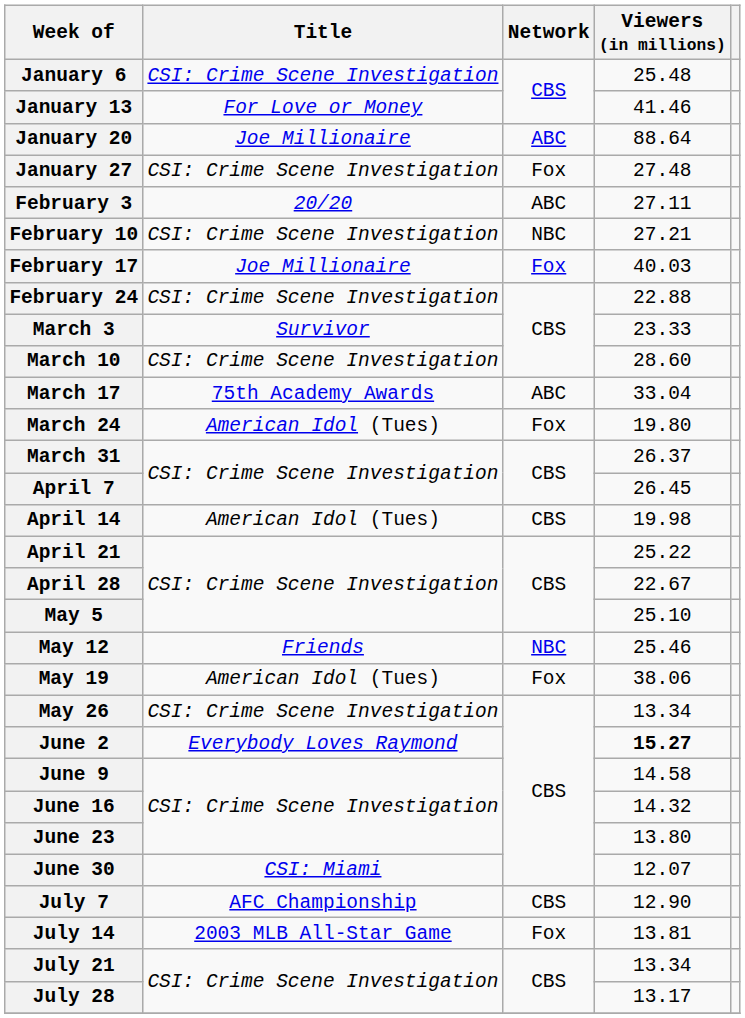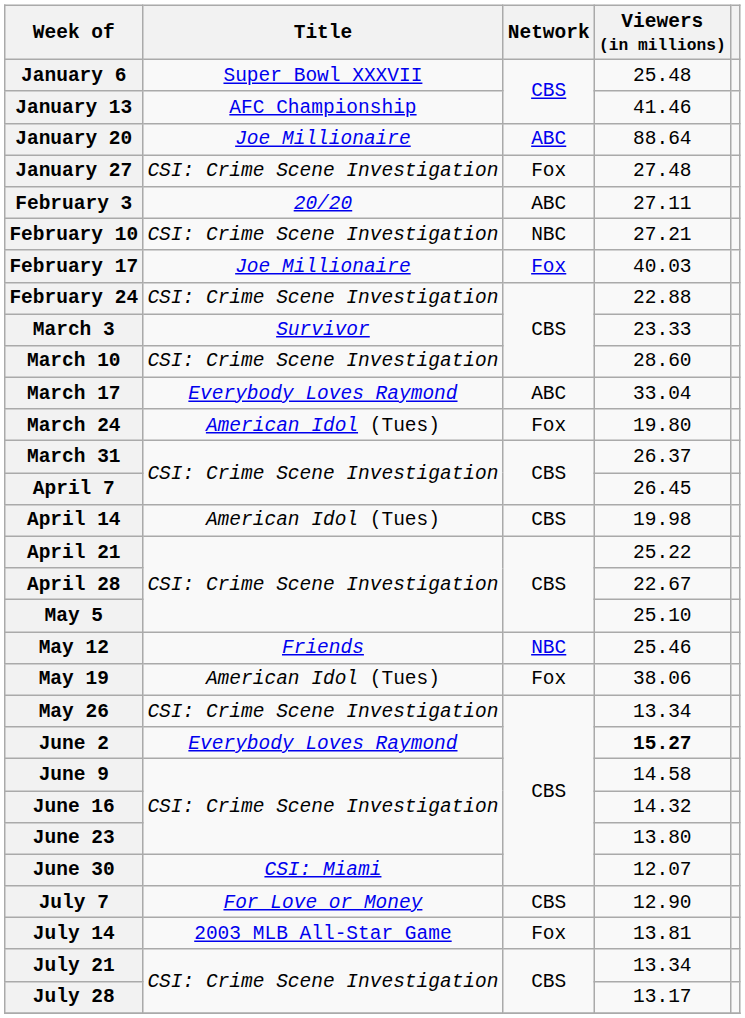 <table class="wikitable plainrowheaders" style="text-align: center; display: inline-table;">
 <tr>
 <th>Week of</th>
 <th>Title</th>
 <th>Network</th>
 <th>Viewers<br><small>(in millions)</small></th>
 <th></th>
 </tr>
 <tr>
 <th scope="row">January 6</th>
-<td><em><a href='#'>CSI: Crime Scene Investigation</a></em></td>
+<td><a href='#'>Super Bowl XXXVII</a></td>
 <td rowspan="2"><a href='#'>CBS</a></td>
 <td>25.48</td>
 <td></td>
 </tr>
 <tr>
 <th scope="row">January 13</th>
-<td><em><a href='#'>For Love or Money</a></em></td>
+<td><a href='#'>AFC Championship</a></td>
 <td>41.46</td>
 <td></td>
 </tr>
 <tr>
 <th scope="row">January 20</th>
 <td><em><a href='#'>Joe Millionaire</a></em></td>
 <td><a href='#'>ABC</a></td>
 <td>88.64</td>
 <td></td>
 </tr>
 <tr>
 <th scope="row">January 27</th>
 <td><em>CSI: Crime Scene Investigation</em></td>
 <td>Fox</td>
 <td>27.48</td>
 <td></td>
 </tr>
 <tr>
 <th scope="row">February 3</th>
 <td><em><a href='#'>20/20</a></em></td>
 <td>ABC</td>
 <td>27.11</td>
 <td></td>
 </tr>
 <tr>
 <th scope="row">February 10</th>
 <td><em>CSI: Crime Scene Investigation</em></td>
 <td>NBC</td>
 <td>27.21</td>
 <td></td>
 </tr>
 <tr>
 <th scope="row">February 17</th>
 <td><em><a href='#'>Joe Millionaire</a></em></td>
 <td><a href='#'>Fox</a></td>
 <td>40.03</td>
 <td></td>
 </tr>
 <tr>
 <th scope="row">February 24</th>
 <td><em>CSI: Crime Scene Investigation</em></td>
 <td rowspan="3">CBS</td>
 <td>22.88</td>
 <td></td>
 </tr>
 <tr>
 <th scope="row">March 3</th>
 <td><em><a href='#'>Survivor</a></em></td>
 <td>23.33</td>
 <td></td>
 </tr>
 <tr>
 <th scope="row">March 10</th>
 <td><em>CSI: Crime Scene Investigation</em></td>
 <td>28.60</td>
 <td></td>
 </tr>
 <tr>
 <th scope="row">March 17</th>
-<td><a href='#'>75th Academy Awards</a></td>
+<td><em><a href='#'>Everybody Loves Raymond</a></em></td>
 <td>ABC</td>
 <td>33.04</td>
 <td></td>
 </tr>
 <tr>
 <th scope="row">March 24</th>
 <td><em><a href='#'>American Idol</a></em> (Tues)</td>
 <td>Fox</td>
 <td>19.80</td>
 <td></td>
 </tr>
 <tr>
 <th scope="row">March 31</th>
 <td rowspan="2"><em>CSI: Crime Scene Investigation</em></td>
 <td rowspan="2">CBS</td>
 <td>26.37</td>
 <td></td>
 </tr>
 <tr>
 <th scope="row">April 7</th>
 <td>26.45</td>
 <td></td>
 </tr>
 <tr>
 <th scope="row">April 14</th>
 <td><em>American Idol</em> (Tues)</td>
 <td>CBS</td>
 <td>19.98</td>
 <td></td>
 </tr>
 <tr>
 <th scope="row">April 21</th>
 <td rowspan="3"><em>CSI: Crime Scene Investigation</em></td>
 <td rowspan="3">CBS</td>
 <td>25.22</td>
 <td></td>
 </tr>
 <tr>
 <th scope="row">April 28</th>
 <td>22.67</td>
 <td></td>
 </tr>
 <tr>
 <th scope="row">May 5</th>
 <td>25.10</td>
 <td></td>
 </tr>
 <tr>
 <th scope="row">May 12</th>
 <td><em><a href='#'>Friends</a></em></td>
 <td><a href='#'>NBC</a></td>
 <td>25.46</td>
 <td></td>
 </tr>
 <tr>
 <th scope="row">May 19</th>
 <td><em>American Idol</em> (Tues)</td>
 <td>Fox</td>
 <td>38.06</td>
 <td></td>
 </tr>
 <tr>
 <th scope="row">May 26</th>
 <td><em>CSI: Crime Scene Investigation</em></td>
 <td rowspan="6">CBS</td>
 <td>13.34</td>
 <td></td>
 </tr>
 <tr>
 <th scope="row">June 2</th>
 <td><em><a href='#'>Everybody Loves Raymond</a></em></td>
 <td><strong>15.27</strong></td>
 <td></td>
 </tr>
 <tr>
 <th scope="row">June 9</th>
 <td rowspan="3"><em>CSI: Crime Scene Investigation</em></td>
 <td>14.58</td>
 <td></td>
 </tr>
 <tr>
 <th scope="row">June 16</th>
 <td>14.32</td>
 <td></td>
 </tr>
 <tr>
 <th scope="row">June 23</th>
 <td>13.80</td>
 <td></td>
 </tr>
 <tr>
 <th scope="row">June 30</th>
 <td><em><a href='#'>CSI: Miami</a></em></td>
 <td>12.07</td>
 <td></td>
 </tr>
 <tr>
 <th scope="row">July 7</th>
-<td><a href='#'>AFC Championship</a></td>
+<td><em><a href='#'>For Love or Money</a></em></td>
 <td>CBS</td>
 <td>12.90</td>
 <td></td>
 </tr>
 <tr>
 <th scope="row">July 14</th>
 <td><a href='#'>2003 MLB All-Star Game</a></td>
 <td>Fox</td>
 <td>13.81</td>
 <td></td>
 </tr>
 <tr>
 <th scope="row">July 21</th>
 <td rowspan="2"><em>CSI: Crime Scene Investigation</em></td>
 <td rowspan="2">CBS</td>
 <td>13.34</td>
 <td></td>
 </tr>
 <tr>
 <th scope="row">July 28</th>
 <td>13.17</td>
 <td></td>
 </tr>
 <tr>
 </tr>
 </table>
